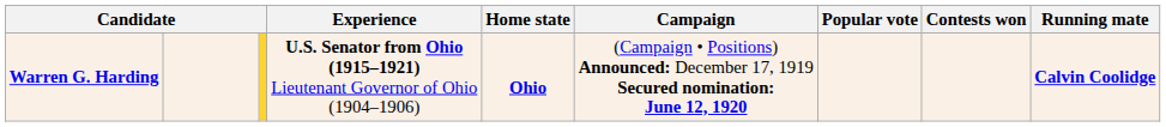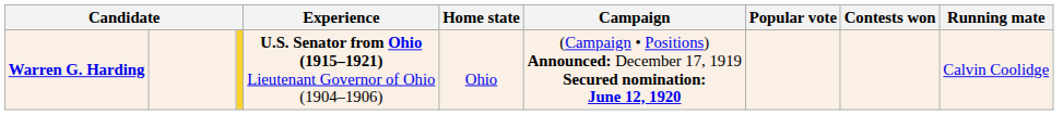 <table class="wikitable sortable" style="text-align:center;">
 <tr>
 <th colspan="3">Candidate</th>
 <th class="unsortable">Experience</th>
 <th>Home state</th>
 <th data-sort-type="date">Campaign</th>
 <th>Popular vote</th>
 <th>Contests won</th>
 <th>Running mate</th>
 </tr>
 <tr style="background:linen;">
 <th style="background:linen;" scope="row" data-sort-=""><a href='#'>Warren G. Harding</a></th>
 <td style="min-width:80px;"></td>
 <td style="background:#ffd42a;"></td>
 <td><strong>U.S. Senator from <a href='#'>Ohio</a><br>(1915–1921)</strong><br><a href='#'>Lieutenant Governor of Ohio</a><br>(1904–1906)</td>
-<td><strong><br><a href='#'>Ohio</a></strong></td>
+<td><br><a href='#'>Ohio</a></td>
 <td>(<a href='#'>Campaign</a> • <a href='#'>Positions</a>)<br><strong>Announced:</strong> December 17, 1919<br><strong>Secured nomination:<br> <a href='#'>June 12, 1920</a></strong></td>
 <td></td>
 <td></td>
-<td><strong><a href='#'>Calvin Coolidge</a></strong></td>
+<td><a href='#'>Calvin Coolidge</a></td>
 </tr>
 </table>
